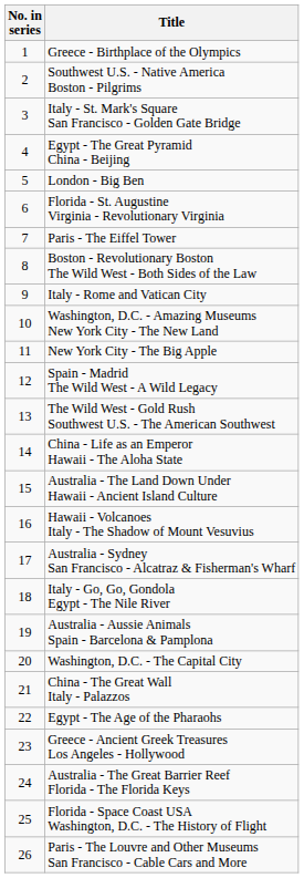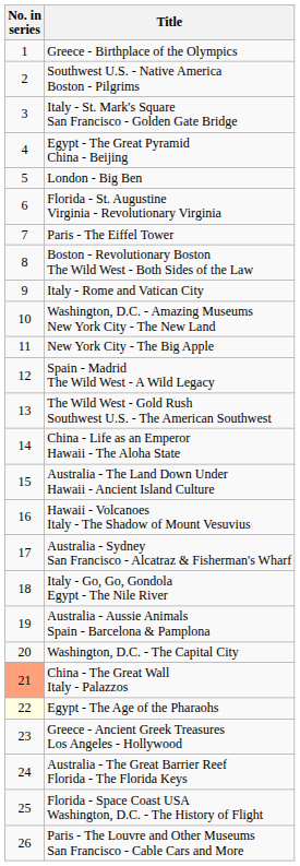 <table class="wikitable plainrowheaders" style="text-align:center">
 <tr>
 <th scope="col">No. in <br> series</th>
 <th scope="col">Title</th>
 </tr>
 <tr>
 <td scope="row">1</td>
 <td style="text-align:left">Greece - Birthplace of the Olympics</td>
 </tr>
 <tr>
 <td scope="row">2</td>
 <td style="text-align:left">Southwest U.S. - Native America<br>Boston - Pilgrims</td>
 </tr>
 <tr>
 <td scope="row">3</td>
 <td style="text-align:left">Italy - St. Mark's Square<br>San Francisco - Golden Gate Bridge</td>
 </tr>
 <tr>
 <td scope="row">4</td>
 <td style="text-align:left">Egypt - The Great Pyramid<br>China - Beijing</td>
 </tr>
 <tr>
 <td scope="row">5</td>
 <td style="text-align:left">London - Big Ben</td>
 </tr>
 <tr>
 <td scope="row">6</td>
 <td style="text-align:left">Florida - St. Augustine<br>Virginia - Revolutionary Virginia</td>
 </tr>
 <tr>
 <td scope="row">7</td>
 <td style="text-align:left">Paris - The Eiffel Tower</td>
 </tr>
 <tr>
 <td scope="row">8</td>
 <td style="text-align:left">Boston - Revolutionary Boston<br>The Wild West - Both Sides of the Law</td>
 </tr>
 <tr>
 <td scope="row">9</td>
 <td style="text-align:left">Italy - Rome and Vatican City</td>
 </tr>
 <tr>
 <td scope="row">10</td>
 <td style="text-align:left">Washington, D.C. - Amazing Museums<br>New York City - The New Land</td>
 </tr>
 <tr>
 <td scope="row">11</td>
 <td style="text-align:left">New York City - The Big Apple</td>
 </tr>
 <tr>
 <td scope="row">12</td>
 <td style="text-align:left">Spain - Madrid<br>The Wild West - A Wild Legacy</td>
 </tr>
 <tr>
 <td scope="row">13</td>
 <td style="text-align:left">The Wild West - Gold Rush<br>Southwest U.S. - The American Southwest</td>
 </tr>
 <tr>
 <td scope="row">14</td>
 <td style="text-align:left">China - Life as an Emperor<br>Hawaii - The Aloha State</td>
 </tr>
 <tr>
 <td scope="row">15</td>
 <td style="text-align:left">Australia - The Land Down Under<br>Hawaii - Ancient Island Culture</td>
 </tr>
 <tr>
 <td scope="row">16</td>
 <td style="text-align:left">Hawaii - Volcanoes<br>Italy - The Shadow of Mount Vesuvius</td>
 </tr>
 <tr>
 <td scope="row">17</td>
 <td style="text-align:left">Australia - Sydney<br>San Francisco - Alcatraz & Fisherman's Wharf</td>
 </tr>
 <tr>
 <td scope="row">18</td>
 <td style="text-align:left">Italy - Go, Go, Gondola<br>Egypt - The Nile River</td>
 </tr>
 <tr>
 <td scope="row">19</td>
 <td style="text-align:left">Australia - Aussie Animals<br>Spain - Barcelona & Pamplona</td>
 </tr>
 <tr>
 <td scope="row">20</td>
 <td style="text-align:left">Washington, D.C. - The Capital City</td>
 </tr>
 <tr>
-<td scope="row">21</td>
+<td scope="row" style="background: lightsalmon;">21</td>
 <td style="text-align:left">China - The Great Wall<br>Italy - Palazzos</td>
 </tr>
 <tr>
-<td scope="row">22</td>
+<td scope="row" style="background: lightyellow;">22</td>
 <td style="text-align:left">Egypt - The Age of the Pharaohs</td>
 </tr>
 <tr>
 <td scope="row">23</td>
 <td style="text-align:left">Greece - Ancient Greek Treasures<br>Los Angeles - Hollywood</td>
 </tr>
 <tr>
 <td scope="row">24</td>
 <td style="text-align:left">Australia - The Great Barrier Reef<br>Florida - The Florida Keys</td>
 </tr>
 <tr>
 <td scope="row">25</td>
 <td style="text-align:left">Florida - Space Coast USA<br>Washington, D.C. - The History of Flight</td>
 </tr>
 <tr>
 <td scope="row">26</td>
 <td style="text-align:left">Paris - The Louvre and Other Museums<br>San Francisco - Cable Cars and More</td>
 </tr>
 </table>
